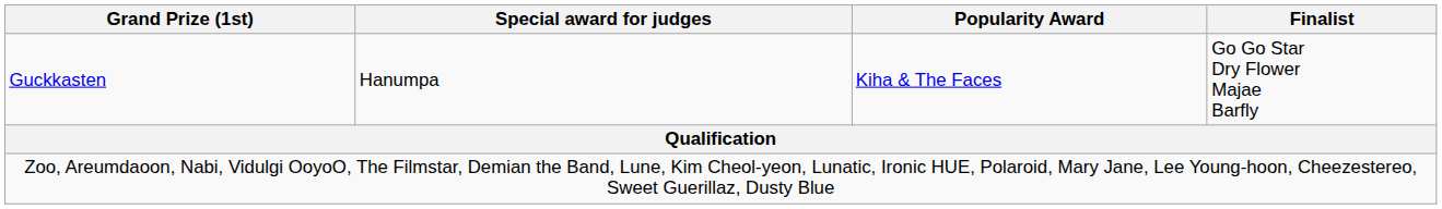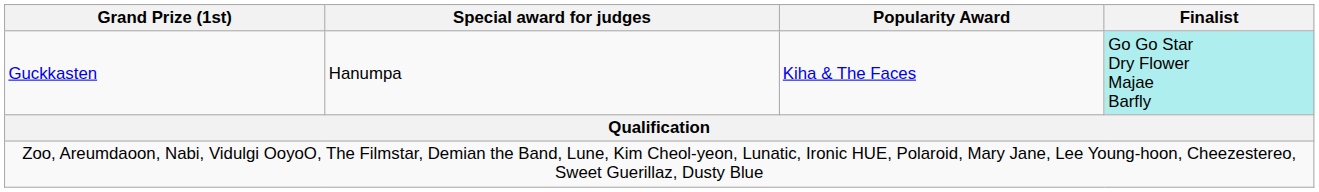 <table class="wikitable">
 <tr>
 <th scope="col">Grand Prize (1st)</th>
 <th scope="col">Special award for judges</th>
 <th scope="col">Popularity Award</th>
 <th scope="col">Finalist</th>
 </tr>
 <tr>
 <td scope="row"><a href='#'>Guckkasten</a></td>
 <td scope="row">Hanumpa</td>
 <td scope="row"><a href='#'>Kiha & The Faces</a></td>
-<td scope="row">Go Go Star<br>Dry Flower<br>Majae<br>Barfly</td>
+<td scope="row" style="background: paleturquoise;">Go Go Star<br>Dry Flower<br>Majae<br>Barfly</td>
 </tr>
 <tr>
 <th colspan="4" align="center">Qualification</th>
 </tr>
 <tr>
 <td colspan="4" align="center">Zoo, Areumdaoon, Nabi, Vidulgi OoyoO, The Filmstar, Demian the Band, Lune, Kim Cheol-yeon, Lunatic, Ironic HUE, Polaroid, Mary Jane, Lee Young-hoon, Cheezestereo, Sweet Guerillaz, Dusty Blue</td>
 </tr>
 </table>
